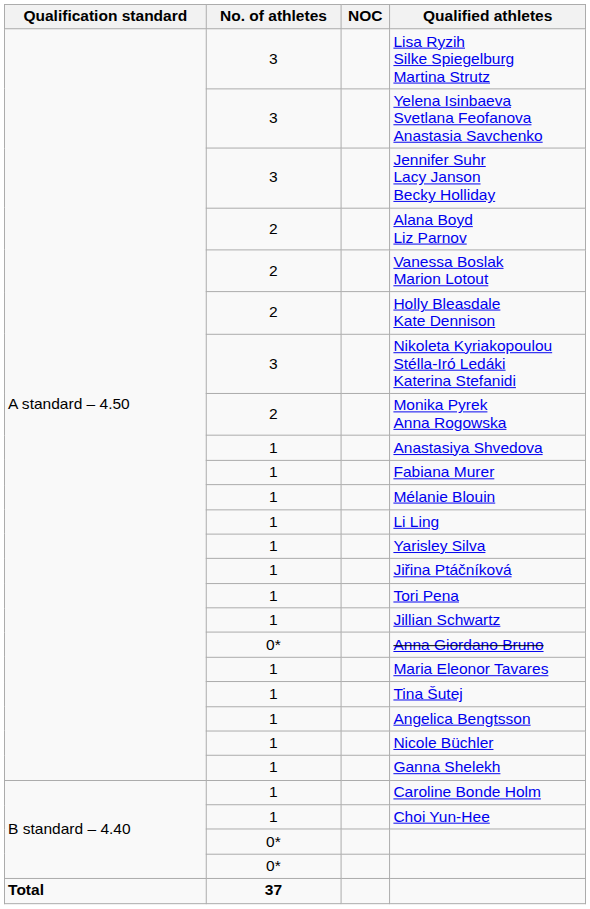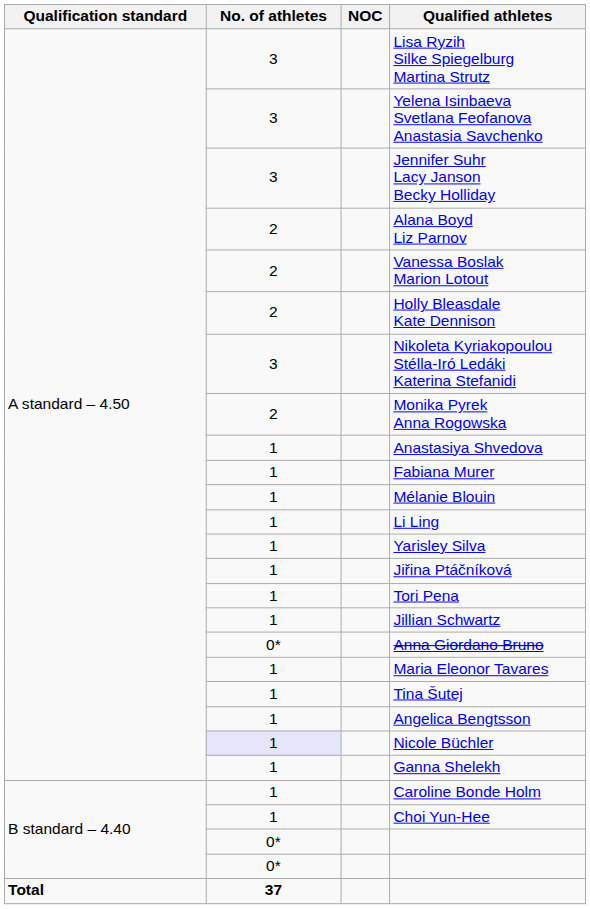 <table class="wikitable"  style="text-align:left; width:600px;">
 <tr>
 <th>Qualification standard</th>
 <th>No. of athletes</th>
 <th>NOC</th>
 <th>Qualified athletes</th>
 </tr>
 <tr>
 <td rowspan="22">A standard – 4.50</td>
 <td align=center>3</td>
 <td></td>
 <td><a href='#'>Lisa Ryzih</a><br><a href='#'>Silke Spiegelburg</a><br><a href='#'>Martina Strutz</a></td>
 </tr>
 <tr>
 <td align=center>3</td>
 <td></td>
 <td><a href='#'>Yelena Isinbaeva</a><br><a href='#'>Svetlana Feofanova</a><br><a href='#'>Anastasia Savchenko</a></td>
 </tr>
 <tr>
 <td align=center>3</td>
 <td></td>
 <td><a href='#'>Jennifer Suhr</a><br><a href='#'>Lacy Janson</a><br><a href='#'>Becky Holliday</a></td>
 </tr>
 <tr>
 <td align=center>2</td>
 <td></td>
 <td><a href='#'>Alana Boyd</a><br><a href='#'>Liz Parnov</a></td>
 </tr>
 <tr>
 <td align=center>2</td>
 <td></td>
 <td><a href='#'>Vanessa Boslak</a><br><a href='#'>Marion Lotout</a></td>
 </tr>
 <tr>
 <td align=center>2</td>
 <td></td>
 <td><a href='#'>Holly Bleasdale</a><br><a href='#'>Kate Dennison</a></td>
 </tr>
 <tr>
 <td align=center>3</td>
 <td></td>
 <td><a href='#'>Nikoleta Kyriakopoulou</a><br><a href='#'>Stélla-Iró Ledáki</a><br><a href='#'>Katerina Stefanidi</a></td>
 </tr>
 <tr>
 <td align=center>2</td>
 <td></td>
 <td><a href='#'>Monika Pyrek</a><br><a href='#'>Anna Rogowska</a></td>
 </tr>
 <tr>
 <td align=center>1</td>
 <td></td>
 <td><a href='#'>Anastasiya Shvedova</a></td>
 </tr>
 <tr>
 <td align=center>1</td>
 <td></td>
 <td><a href='#'>Fabiana Murer</a></td>
 </tr>
 <tr>
 <td align=center>1</td>
 <td></td>
 <td><a href='#'>Mélanie Blouin</a></td>
 </tr>
 <tr>
 <td align=center>1</td>
 <td></td>
 <td><a href='#'>Li Ling</a></td>
 </tr>
 <tr>
 <td align=center>1</td>
 <td></td>
 <td><a href='#'>Yarisley Silva</a></td>
 </tr>
 <tr>
 <td align=center>1</td>
 <td></td>
 <td><a href='#'>Jiřina Ptáčníková</a></td>
 </tr>
 <tr>
 <td align=center>1</td>
 <td></td>
 <td><a href='#'>Tori Pena</a></td>
 </tr>
 <tr>
 <td align=center>1</td>
 <td></td>
 <td><a href='#'>Jillian Schwartz</a></td>
 </tr>
 <tr>
 <td align=center>0*</td>
 <td></td>
 <td><s><a href='#'>Anna Giordano Bruno</a></s></td>
 </tr>
 <tr>
 <td align=center>1</td>
 <td></td>
 <td><a href='#'>Maria Eleonor Tavares</a></td>
 </tr>
 <tr>
 <td align=center>1</td>
 <td></td>
 <td><a href='#'>Tina Šutej</a></td>
 </tr>
 <tr>
 <td align=center>1</td>
 <td></td>
 <td><a href='#'>Angelica Bengtsson</a></td>
 </tr>
 <tr>
-<td align=center>1</td>
+<td align=center style="background: lavender;">1</td>
 <td></td>
 <td><a href='#'>Nicole Büchler</a></td>
 </tr>
 <tr>
 <td align=center>1</td>
 <td></td>
 <td><a href='#'>Ganna Shelekh</a></td>
 </tr>
 <tr>
 <td rowspan="4">B standard – 4.40</td>
 <td align=center>1</td>
 <td></td>
 <td><a href='#'>Caroline Bonde Holm</a></td>
 </tr>
 <tr>
 <td align=center>1</td>
 <td></td>
 <td><a href='#'>Choi Yun-Hee</a></td>
 </tr>
 <tr>
 <td align=center>0*</td>
 <td><s></s></td>
 <td></td>
 </tr>
 <tr>
 <td align=center>0*</td>
 <td><s></s></td>
 <td></td>
 </tr>
 <tr>
 <td><strong>Total</strong></td>
 <td align=center><strong>37</strong></td>
 <td></td>
 <td></td>
 </tr>
 </table>
